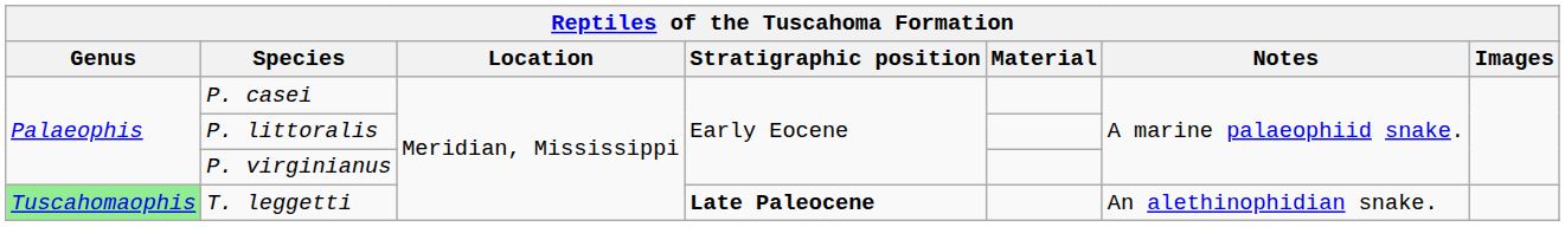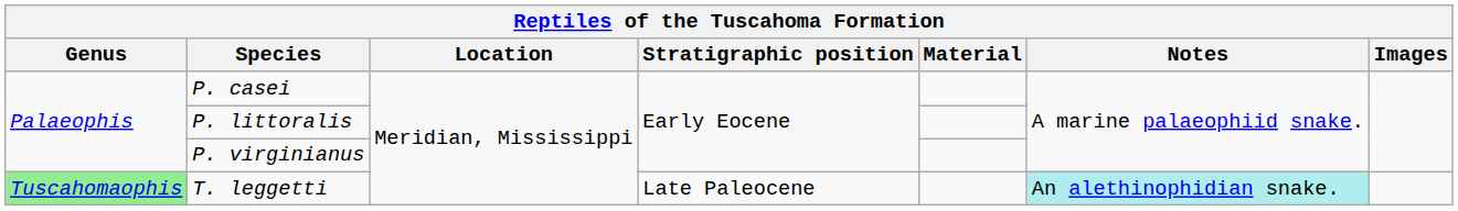 <table class="wikitable">
 <tr>
 <th colspan="7"><a href='#'>Reptiles</a> of the Tuscahoma Formation</th>
 </tr>
 <tr>
 <th>Genus</th>
 <th>Species</th>
 <th>Location</th>
 <th>Stratigraphic position</th>
 <th>Material</th>
 <th>Notes</th>
 <th>Images</th>
 </tr>
 <tr>
 <td rowspan="3"><em><a href='#'>Palaeophis</a></em></td>
 <td><em>P. casei</em></td>
 <td rowspan="4">Meridian, Mississippi</td>
 <td rowspan="3">Early Eocene</td>
 <td></td>
 <td rowspan="3">A marine <a href='#'>palaeophiid</a> <a href='#'>snake</a>.</td>
 <td rowspan="3"></td>
 </tr>
 <tr>
 <td><em>P. littoralis</em></td>
 <td></td>
 </tr>
 <tr>
 <td><em>P. virginianus</em></td>
 <td></td>
 </tr>
 <tr>
 <td style="background: lightgreen;"><em><a href='#'>Tuscahomaophis</a></em></td>
 <td><em>T. leggetti</em></td>
-<td><strong>Late Paleocene</strong></td>
+<td>Late Paleocene</td>
 <td></td>
-<td>An <a href='#'>alethinophidian</a> snake.</td>
+<td style="background: paleturquoise;">An <a href='#'>alethinophidian</a> snake.</td>
 <td></td>
 </tr>
 </table>
